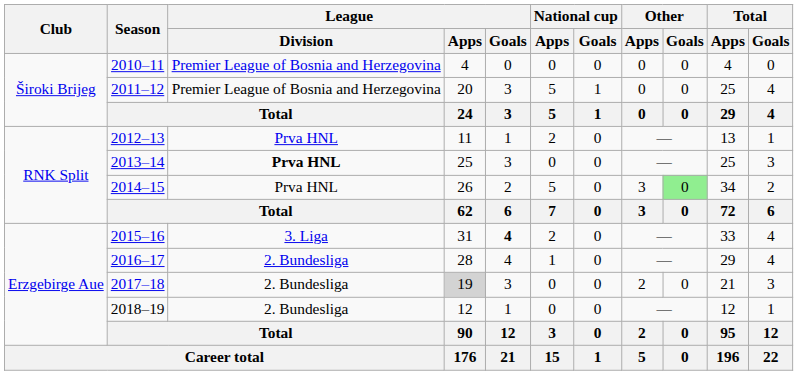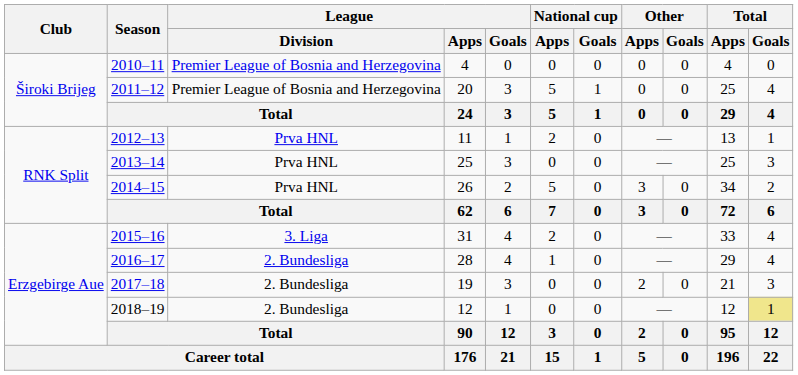 <table class="wikitable" style="text-align:center">
 <tr>
 <th rowspan="2">Club</th>
 <th rowspan="2">Season</th>
 <th colspan="3">League</th>
 <th colspan="2">National cup</th>
 <th colspan="2">Other</th>
 <th colspan="2">Total</th>
 </tr>
 <tr>
 <th>Division</th>
 <th>Apps</th>
 <th>Goals</th>
 <th>Apps</th>
 <th>Goals</th>
 <th>Apps</th>
 <th>Goals</th>
 <th>Apps</th>
 <th>Goals</th>
 </tr>
 <tr>
 <td rowspan="3"><a href='#'>Široki Brijeg</a></td>
 <td><a href='#'>2010–11</a></td>
 <td><a href='#'>Premier League of Bosnia and Herzegovina</a></td>
 <td>4</td>
 <td>0</td>
 <td>0</td>
 <td>0</td>
 <td>0</td>
 <td>0</td>
 <td>4</td>
 <td>0</td>
 </tr>
 <tr>
 <td><a href='#'>2011–12</a></td>
 <td>Premier League of Bosnia and Herzegovina</td>
 <td>20</td>
 <td>3</td>
 <td>5</td>
 <td>1</td>
 <td>0</td>
 <td>0</td>
 <td>25</td>
 <td>4</td>
 </tr>
 <tr>
 <th colspan="2">Total</th>
 <th>24</th>
 <th>3</th>
 <th>5</th>
 <th>1</th>
 <th>0</th>
 <th>0</th>
 <th>29</th>
 <th>4</th>
 </tr>
 <tr>
 <td rowspan="4"><a href='#'>RNK Split</a></td>
 <td><a href='#'>2012–13</a></td>
 <td><a href='#'>Prva HNL</a></td>
 <td>11</td>
 <td>1</td>
 <td>2</td>
 <td>0</td>
 <td colspan="2">—</td>
 <td>13</td>
 <td>1</td>
 </tr>
 <tr>
 <td><a href='#'>2013–14</a></td>
-<td><strong>Prva HNL</strong></td>
+<td>Prva HNL</td>
 <td>25</td>
 <td>3</td>
 <td>0</td>
 <td>0</td>
 <td colspan="2">—</td>
 <td>25</td>
 <td>3</td>
 </tr>
 <tr>
 <td><a href='#'>2014–15</a></td>
 <td>Prva HNL</td>
 <td>26</td>
 <td>2</td>
 <td>5</td>
 <td>0</td>
 <td>3</td>
-<td style="background: lightgreen;">0</td>
+<td>0</td>
 <td>34</td>
 <td>2</td>
 </tr>
 <tr>
 <th colspan="2">Total</th>
 <th>62</th>
 <th>6</th>
 <th>7</th>
 <th>0</th>
 <th>3</th>
 <th>0</th>
 <th>72</th>
 <th>6</th>
 </tr>
 <tr>
 <td rowspan="5"><a href='#'>Erzgebirge Aue</a></td>
 <td><a href='#'>2015–16</a></td>
 <td><a href='#'>3. Liga</a></td>
 <td>31</td>
-<td><strong>4</strong></td>
+<td>4</td>
 <td>2</td>
 <td>0</td>
 <td colspan="2">—</td>
 <td>33</td>
 <td>4</td>
 </tr>
 <tr>
 <td><a href='#'>2016–17</a></td>
 <td><a href='#'>2. Bundesliga</a></td>
 <td>28</td>
 <td>4</td>
 <td>1</td>
 <td>0</td>
 <td colspan="2">—</td>
 <td>29</td>
 <td>4</td>
 </tr>
 <tr>
 <td><a href='#'>2017–18</a></td>
 <td>2. Bundesliga</td>
-<td style="background: lightgrey;">19</td>
+<td>19</td>
 <td>3</td>
 <td>0</td>
 <td>0</td>
 <td>2</td>
 <td>0</td>
 <td>21</td>
 <td>3</td>
 </tr>
 <tr>
 <td>2018–19</td>
 <td>2. Bundesliga</td>
 <td>12</td>
 <td>1</td>
 <td>0</td>
 <td>0</td>
 <td colspan="2">—</td>
 <td>12</td>
-<td>1</td>
+<td style="background: khaki;">1</td>
 </tr>
 <tr>
 <th colspan="2">Total</th>
 <th>90</th>
 <th>12</th>
 <th>3</th>
 <th>0</th>
 <th>2</th>
 <th>0</th>
 <th>95</th>
 <th>12</th>
 </tr>
 <tr>
 <th colspan="3">Career total</th>
 <th>176</th>
 <th>21</th>
 <th>15</th>
 <th>1</th>
 <th>5</th>
 <th>0</th>
 <th>196</th>
 <th>22</th>
 </tr>
 </table>
